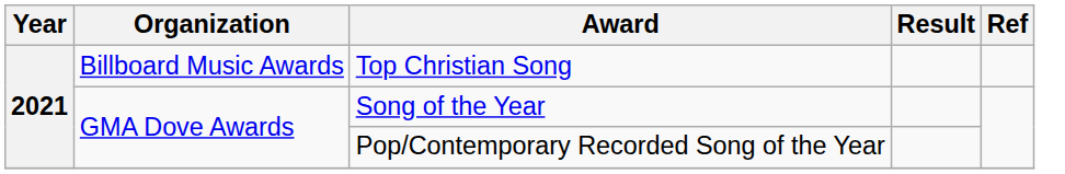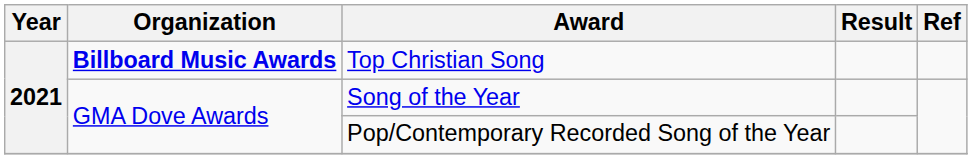 <table class="wikitable plainrowheaders">
 <tr>
 <th>Year</th>
 <th>Organization</th>
 <th>Award</th>
 <th>Result</th>
 <th>Ref</th>
 </tr>
 <tr>
 <th scope="row" rowspan="3">2021</th>
-<td><a href='#'>Billboard Music Awards</a></td>
+<td><strong><a href='#'>Billboard Music Awards</a></strong></td>
 <td><a href='#'>Top Christian Song</a></td>
 <td></td>
 <td></td>
 </tr>
 <tr>
 <td rowspan="2"><a href='#'>GMA Dove Awards</a></td>
 <td><a href='#'>Song of the Year</a></td>
 <td></td>
 <td rowspan="2"></td>
 </tr>
 <tr>
 <td>Pop/Contemporary Recorded Song of the Year</td>
 <td></td>
 </tr>
 <tr>
 </tr>
 </table>
